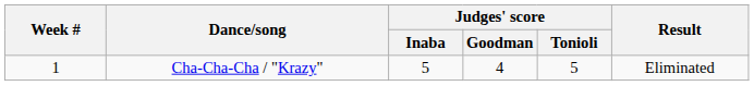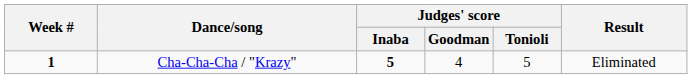 <table class="wikitable" style="text-align: center;">
 <tr>
 <th rowspan="2">Week #</th>
 <th rowspan="2">Dance/song</th>
 <th colspan="3">Judges' score</th>
 <th rowspan="2">Result</th>
 </tr>
 <tr>
 <th style="width:10%; ">Inaba</th>
 <th style="width:10%; ">Goodman</th>
 <th style="width:10%; ">Tonioli</th>
 </tr>
 <tr>
-<td>1</td>
+<td><strong>1</strong></td>
 <td><a href='#'>Cha-Cha-Cha</a> / "<a href='#'>Krazy</a>"</td>
-<td>5</td>
+<td><strong>5</strong></td>
 <td>4</td>
 <td>5</td>
 <td>Eliminated</td>
 </tr>
 </table>
